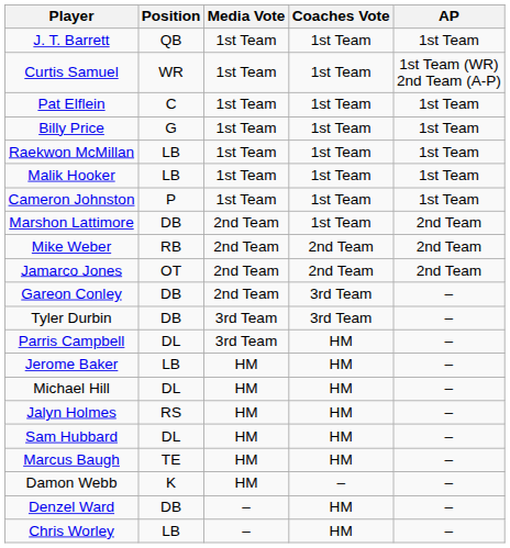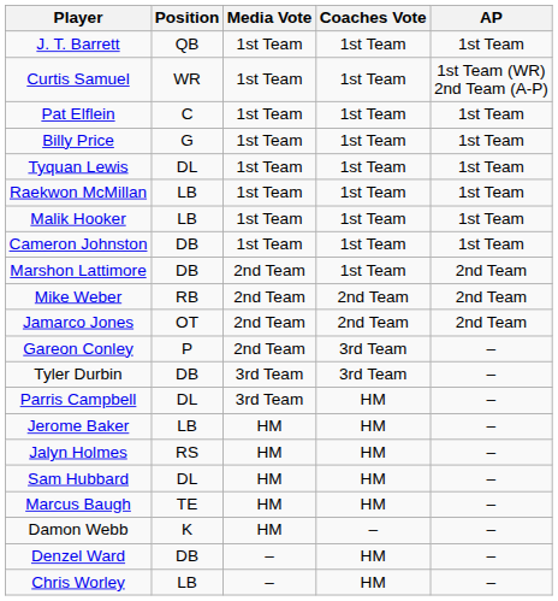 <table class="wikitable sortable sortable" style="text-align: center">
 <tr align=center>
 <th>Player</th>
 <th>Position</th>
 <th>Media Vote</th>
 <th>Coaches Vote</th>
 <th>AP </th>
 </tr>
 <tr>
 <td><a href='#'>J. T. Barrett</a></td>
 <td>QB</td>
 <td>1st Team</td>
 <td>1st Team</td>
 <td>1st Team</td>
 </tr>
 <tr>
 <td><a href='#'>Curtis Samuel</a></td>
 <td>WR</td>
 <td>1st Team</td>
 <td>1st Team</td>
 <td>1st Team (WR) <br> 2nd Team (A-P)</td>
 </tr>
 <tr>
 <td><a href='#'>Pat Elflein</a></td>
 <td>C</td>
 <td>1st Team</td>
 <td>1st Team</td>
 <td>1st Team</td>
 </tr>
 <tr>
 <td><a href='#'>Billy Price</a></td>
 <td>G</td>
 <td>1st Team</td>
 <td>1st Team</td>
 <td>1st Team</td>
 </tr>
 <tr>
+<td><a href='#'>Tyquan Lewis</a></td>
+<td>DL</td>
+<td>1st Team</td>
+<td>1st Team</td>
+<td>1st Team</td>
+</tr>
+<tr>
 <td><a href='#'>Raekwon McMillan</a></td>
 <td>LB</td>
 <td>1st Team</td>
 <td>1st Team</td>
 <td>1st Team</td>
 </tr>
 <tr>
 <td><a href='#'>Malik Hooker</a></td>
 <td>LB</td>
 <td>1st Team</td>
 <td>1st Team</td>
 <td>1st Team</td>
 </tr>
 <tr>
 <td><a href='#'>Cameron Johnston</a></td>
-<td>P</td>
+<td>DB</td>
 <td>1st Team</td>
 <td>1st Team</td>
 <td>1st Team</td>
 </tr>
 <tr>
 <td><a href='#'>Marshon Lattimore</a></td>
 <td>DB</td>
 <td>2nd Team</td>
 <td>1st Team</td>
 <td>2nd Team</td>
 </tr>
 <tr>
 <td><a href='#'>Mike Weber</a></td>
 <td>RB</td>
 <td>2nd Team</td>
 <td>2nd Team</td>
 <td>2nd Team</td>
 </tr>
 <tr>
 <td><a href='#'>Jamarco Jones</a></td>
 <td>OT</td>
 <td>2nd Team</td>
 <td>2nd Team</td>
 <td>2nd Team</td>
 </tr>
 <tr>
 <td><a href='#'>Gareon Conley</a></td>
-<td>DB</td>
+<td>P</td>
 <td>2nd Team</td>
 <td>3rd Team</td>
 <td>–</td>
 </tr>
 <tr>
 <td>Tyler Durbin</td>
 <td>DB</td>
 <td>3rd Team</td>
 <td>3rd Team</td>
 <td>–</td>
 </tr>
 <tr>
 <td><a href='#'>Parris Campbell</a></td>
 <td>DL</td>
 <td>3rd Team</td>
 <td>HM</td>
 <td>–</td>
 </tr>
 <tr>
 <td><a href='#'>Jerome Baker</a></td>
 <td>LB</td>
-<td>HM</td>
-<td>HM</td>
-<td>–</td>
-</tr>
-<tr>
-<td>Michael Hill</td>
-<td>DL</td>
 <td>HM</td>
 <td>HM</td>
 <td>–</td>
 </tr>
 <tr>
 <td><a href='#'>Jalyn Holmes</a></td>
 <td>RS</td>
 <td>HM</td>
 <td>HM</td>
 <td>–</td>
 </tr>
 <tr>
 <td><a href='#'>Sam Hubbard</a></td>
 <td>DL</td>
 <td>HM</td>
 <td>HM</td>
 <td>–</td>
 </tr>
 <tr>
 <td><a href='#'>Marcus Baugh</a></td>
 <td>TE</td>
 <td>HM</td>
 <td>HM</td>
 <td>–</td>
 </tr>
 <tr>
 <td>Damon Webb</td>
 <td>K</td>
 <td>HM</td>
 <td>–</td>
 <td>–</td>
 </tr>
 <tr>
 <td><a href='#'>Denzel Ward</a></td>
 <td>DB</td>
 <td>–</td>
 <td>HM</td>
 <td>–</td>
 </tr>
 <tr>
 <td><a href='#'>Chris Worley</a></td>
 <td>LB</td>
 <td>–</td>
 <td>HM</td>
 <td>–</td>
 </tr>
 </table>
